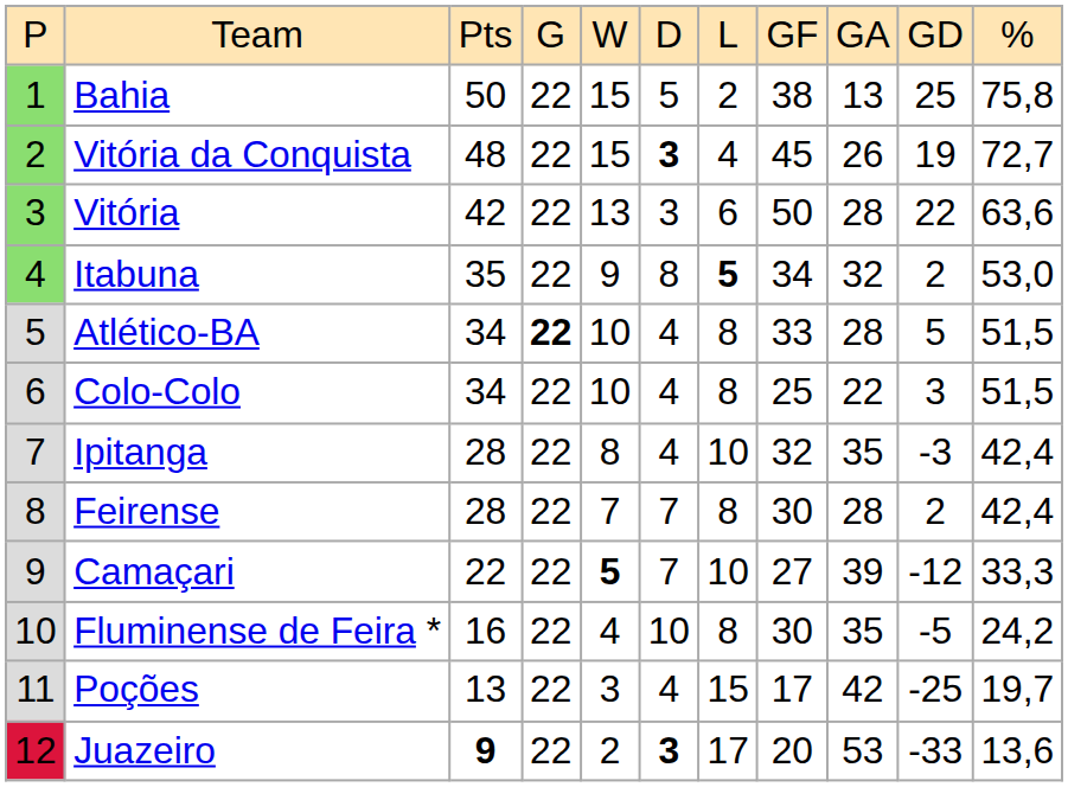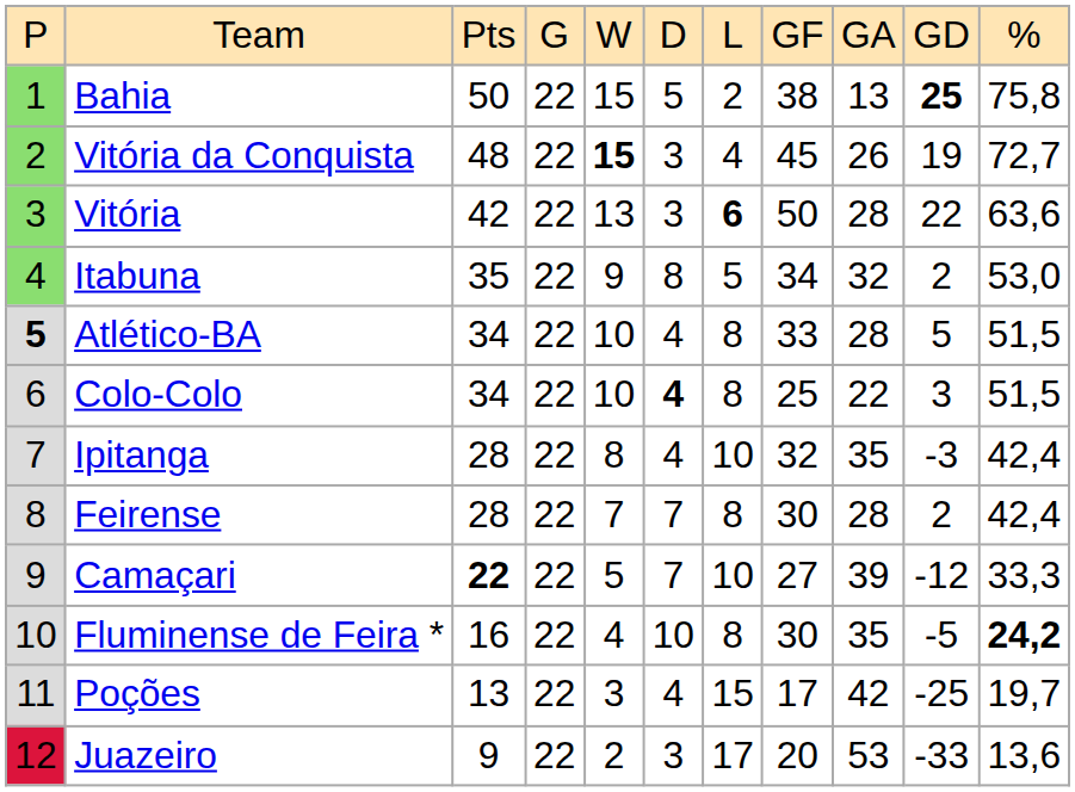 <table class="wikitable sortable">
 <tr>
 <td bgcolor=#ffe5b4 align="center"><span>P</span></td>
 <td bgcolor=#ffe5b4 align="center"><span>Team</span></td>
 <td bgcolor=#ffe5b4 align="center"><span>Pts</span></td>
 <td bgcolor=#ffe5b4 align="center"><span>G</span></td>
 <td bgcolor=#ffe5b4 align="center"><span>W</span></td>
 <td bgcolor=#ffe5b4 align="center"><span>D</span></td>
 <td bgcolor=#ffe5b4 align="center"><span>L</span></td>
 <td bgcolor=#ffe5b4 align="center"><span>GF</span></td>
 <td bgcolor=#ffe5b4 align="center"><span>GA</span></td>
 <td bgcolor=#ffe5b4 align="center"><span>GD</span></td>
 <td bgcolor=#ffe5b4 align="center"><span>%</span></td>
 </tr>
 <tr>
 <td bgcolor=#8ADE70 align="center"><span>1</span></td>
 <td bgcolor=#FFFFFF><a href='#'>Bahia</a></td>
 <td bgcolor=#FFFFFF align="center">50</td>
 <td bgcolor=#FFFFFF align="center">22</td>
 <td bgcolor=#FFFFFF align="center">15</td>
 <td bgcolor=#FFFFFF align="center">5</td>
 <td bgcolor=#FFFFFF align="center">2</td>
 <td bgcolor=#FFFFFF align="center">38</td>
 <td bgcolor=#FFFFFF align="center">13</td>
-<td bgcolor=#FFFFFF align="center">25</td>
+<td bgcolor=#FFFFFF align="center"><strong>25</strong></td>
 <td bgcolor=#FFFFFF align="center">75,8</td>
 </tr>
 <tr>
 <td bgcolor=#8ADE70 align="center"><span>2</span></td>
 <td bgcolor=#FFFFFF><a href='#'>Vitória da Conquista</a></td>
 <td bgcolor=#FFFFFF align="center">48</td>
 <td bgcolor=#FFFFFF align="center">22</td>
-<td bgcolor=#FFFFFF align="center">15</td>
-<td bgcolor=#FFFFFF align="center"><strong>3</strong></td>
+<td bgcolor=#FFFFFF align="center"><strong>15</strong></td>
+<td bgcolor=#FFFFFF align="center">3</td>
 <td bgcolor=#FFFFFF align="center">4</td>
 <td bgcolor=#FFFFFF align="center">45</td>
 <td bgcolor=#FFFFFF align="center">26</td>
 <td bgcolor=#FFFFFF align="center">19</td>
 <td bgcolor=#FFFFFF align="center">72,7</td>
 </tr>
 <tr>
 <td bgcolor=#8ADE70 align="center"><span>3</span></td>
 <td bgcolor=#FFFFFF><a href='#'>Vitória</a></td>
 <td bgcolor=#FFFFFF align="center">42</td>
 <td bgcolor=#FFFFFF align="center">22</td>
 <td bgcolor=#FFFFFF align="center">13</td>
 <td bgcolor=#FFFFFF align="center">3</td>
-<td bgcolor=#FFFFFF align="center">6</td>
+<td bgcolor=#FFFFFF align="center"><strong>6</strong></td>
 <td bgcolor=#FFFFFF align="center">50</td>
 <td bgcolor=#FFFFFF align="center">28</td>
 <td bgcolor=#FFFFFF align="center">22</td>
 <td bgcolor=#FFFFFF align="center">63,6</td>
 </tr>
 <tr>
 <td bgcolor=#8ADE70 align="center"><span>4</span></td>
 <td bgcolor=#FFFFFF><a href='#'>Itabuna</a></td>
 <td bgcolor=#FFFFFF align="center">35</td>
 <td bgcolor=#FFFFFF align="center">22</td>
 <td bgcolor=#FFFFFF align="center">9</td>
 <td bgcolor=#FFFFFF align="center">8</td>
-<td bgcolor=#FFFFFF align="center"><strong>5</strong></td>
+<td bgcolor=#FFFFFF align="center">5</td>
 <td bgcolor=#FFFFFF align="center">34</td>
 <td bgcolor=#FFFFFF align="center">32</td>
 <td bgcolor=#FFFFFF align="center">2</td>
 <td bgcolor=#FFFFFF align="center">53,0</td>
 </tr>
 <tr>
-<td bgcolor=#DCDCDC align="center"><span>5</span></td>
+<td bgcolor=#DCDCDC align="center"><strong><span>5</span></strong></td>
 <td bgcolor=#FFFFFF><a href='#'>Atlético-BA</a></td>
 <td bgcolor=#FFFFFF align="center">34</td>
-<td bgcolor=#FFFFFF align="center"><strong>22</strong></td>
+<td bgcolor=#FFFFFF align="center">22</td>
 <td bgcolor=#FFFFFF align="center">10</td>
 <td bgcolor=#FFFFFF align="center">4</td>
 <td bgcolor=#FFFFFF align="center">8</td>
 <td bgcolor=#FFFFFF align="center">33</td>
 <td bgcolor=#FFFFFF align="center">28</td>
 <td bgcolor=#FFFFFF align="center">5</td>
 <td bgcolor=#FFFFFF align="center">51,5</td>
 </tr>
 <tr>
 <td bgcolor=#DCDCDC align="center"><span>6</span></td>
 <td bgcolor=#FFFFFF><a href='#'>Colo-Colo</a></td>
 <td bgcolor=#FFFFFF align="center">34</td>
 <td bgcolor=#FFFFFF align="center">22</td>
 <td bgcolor=#FFFFFF align="center">10</td>
-<td bgcolor=#FFFFFF align="center">4</td>
+<td bgcolor=#FFFFFF align="center"><strong>4</strong></td>
 <td bgcolor=#FFFFFF align="center">8</td>
 <td bgcolor=#FFFFFF align="center">25</td>
 <td bgcolor=#FFFFFF align="center">22</td>
 <td bgcolor=#FFFFFF align="center">3</td>
 <td bgcolor=#FFFFFF align="center">51,5</td>
 </tr>
 <tr>
 <td bgcolor=#DCDCDC align="center"><span>7</span></td>
 <td bgcolor=#FFFFFF><a href='#'>Ipitanga</a></td>
 <td bgcolor=#FFFFFF align="center">28</td>
 <td bgcolor=#FFFFFF align="center">22</td>
 <td bgcolor=#FFFFFF align="center">8</td>
 <td bgcolor=#FFFFFF align="center">4</td>
 <td bgcolor=#FFFFFF align="center">10</td>
 <td bgcolor=#FFFFFF align="center">32</td>
 <td bgcolor=#FFFFFF align="center">35</td>
 <td bgcolor=#FFFFFF align="center">-3</td>
 <td bgcolor=#FFFFFF align="center">42,4</td>
 </tr>
 <tr>
 <td bgcolor=#DCDCDC align="center"><span>8</span></td>
 <td bgcolor=#FFFFFF><a href='#'>Feirense</a></td>
 <td bgcolor=#FFFFFF align="center">28</td>
 <td bgcolor=#FFFFFF align="center">22</td>
 <td bgcolor=#FFFFFF align="center">7</td>
 <td bgcolor=#FFFFFF align="center">7</td>
 <td bgcolor=#FFFFFF align="center">8</td>
 <td bgcolor=#FFFFFF align="center">30</td>
 <td bgcolor=#FFFFFF align="center">28</td>
 <td bgcolor=#FFFFFF align="center">2</td>
 <td bgcolor=#FFFFFF align="center">42,4</td>
 </tr>
 <tr>
 <td bgcolor=#DCDCDC align="center"><span>9</span></td>
 <td bgcolor=#FFFFFF><a href='#'>Camaçari</a></td>
+<td bgcolor=#FFFFFF align="center"><strong>22</strong></td>
 <td bgcolor=#FFFFFF align="center">22</td>
-<td bgcolor=#FFFFFF align="center">22</td>
-<td bgcolor=#FFFFFF align="center"><strong>5</strong></td>
+<td bgcolor=#FFFFFF align="center">5</td>
 <td bgcolor=#FFFFFF align="center">7</td>
 <td bgcolor=#FFFFFF align="center">10</td>
 <td bgcolor=#FFFFFF align="center">27</td>
 <td bgcolor=#FFFFFF align="center">39</td>
 <td bgcolor=#FFFFFF align="center">-12</td>
 <td bgcolor=#FFFFFF align="center">33,3</td>
 </tr>
 <tr>
 <td bgcolor=#DCDCDC align="center"><span>10</span></td>
 <td bgcolor=#FFFFFF><a href='#'>Fluminense de Feira</a> *</td>
 <td bgcolor=#FFFFFF align="center">16</td>
 <td bgcolor=#FFFFFF align="center">22</td>
 <td bgcolor=#FFFFFF align="center">4</td>
 <td bgcolor=#FFFFFF align="center">10</td>
 <td bgcolor=#FFFFFF align="center">8</td>
 <td bgcolor=#FFFFFF align="center">30</td>
 <td bgcolor=#FFFFFF align="center">35</td>
 <td bgcolor=#FFFFFF align="center">-5</td>
-<td bgcolor=#FFFFFF align="center">24,2</td>
+<td bgcolor=#FFFFFF align="center"><strong>24,2</strong></td>
 </tr>
 <tr>
 <td bgcolor=#DCDCDC align="center"><span>11</span></td>
 <td bgcolor=#FFFFFF><a href='#'>Poções</a></td>
 <td bgcolor=#FFFFFF align="center">13</td>
 <td bgcolor=#FFFFFF align="center">22</td>
 <td bgcolor=#FFFFFF align="center">3</td>
 <td bgcolor=#FFFFFF align="center">4</td>
 <td bgcolor=#FFFFFF align="center">15</td>
 <td bgcolor=#FFFFFF align="center">17</td>
 <td bgcolor=#FFFFFF align="center">42</td>
 <td bgcolor=#FFFFFF align="center">-25</td>
 <td bgcolor=#FFFFFF align="center">19,7</td>
 </tr>
 <tr>
 <td bgcolor=#DC143C align="center"><span>12</span></td>
 <td bgcolor=#FFFFFF><a href='#'>Juazeiro</a></td>
-<td bgcolor=#FFFFFF align="center"><strong>9</strong></td>
+<td bgcolor=#FFFFFF align="center">9</td>
 <td bgcolor=#FFFFFF align="center">22</td>
 <td bgcolor=#FFFFFF align="center">2</td>
-<td bgcolor=#FFFFFF align="center"><strong>3</strong></td>
+<td bgcolor=#FFFFFF align="center">3</td>
 <td bgcolor=#FFFFFF align="center">17</td>
 <td bgcolor=#FFFFFF align="center">20</td>
 <td bgcolor=#FFFFFF align="center">53</td>
 <td bgcolor=#FFFFFF align="center">-33</td>
 <td bgcolor=#FFFFFF align="center">13,6</td>
 </tr>
 </table>
